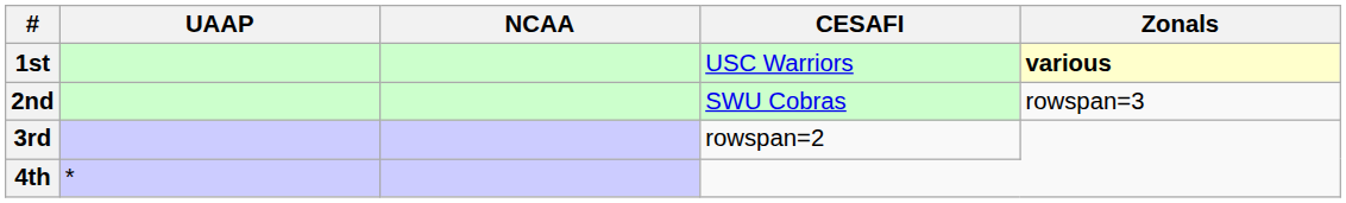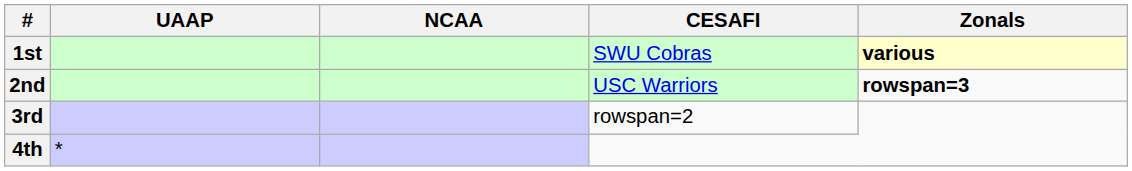 <table class=wikitable width=70%>
 <tr>
 <th width=2%>#</th>
 <th width=24%>UAAP</th>
 <th width=24%>NCAA</th>
 <th width=24%>CESAFI</th>
 <th width=24%>Zonals</th>
 </tr>
 <tr>
 <th>1st</th>
 <td bgcolor=#CFC></td>
 <td bgcolor=#CFC></td>
-<td bgcolor=#CFC><a href='#'>USC Warriors</a></td>
+<td bgcolor=#CFC><a href='#'>SWU Cobras</a></td>
 <td bgcolor=#FFC><strong>various</strong></td>
 </tr>
 <tr>
 <th>2nd</th>
 <td bgcolor=#CFC></td>
 <td bgcolor=#CFC></td>
-<td bgcolor=#CFC><a href='#'>SWU Cobras</a></td>
-<td>rowspan=3 </td>
+<td bgcolor=#CFC><a href='#'>USC Warriors</a></td>
+<td><strong>rowspan=3 </strong></td>
 </tr>
 <tr>
 <th>3rd</th>
 <td bgcolor=#CCF></td>
 <td bgcolor=#CCF></td>
 <td>rowspan=2 </td>
 </tr>
 <tr>
 <th>4th</th>
 <td bgcolor=#CCF>*</td>
 <td bgcolor=#CCF></td>
 </tr>
 </table>
